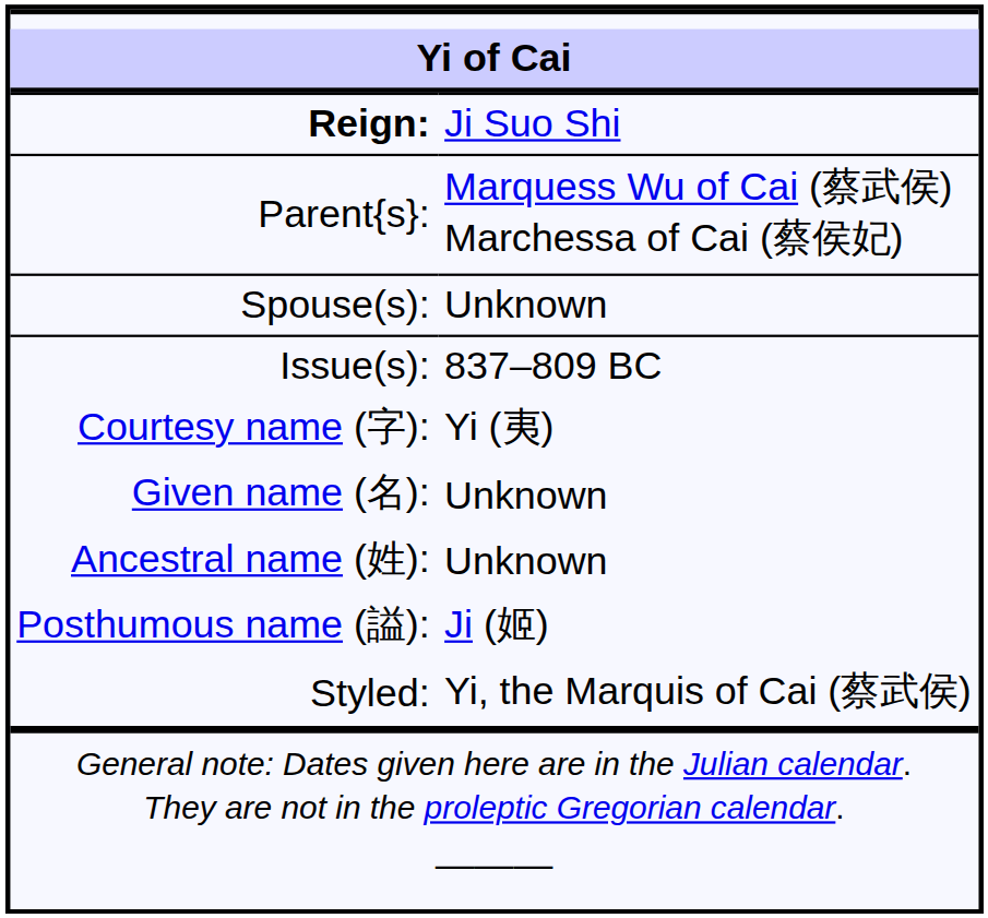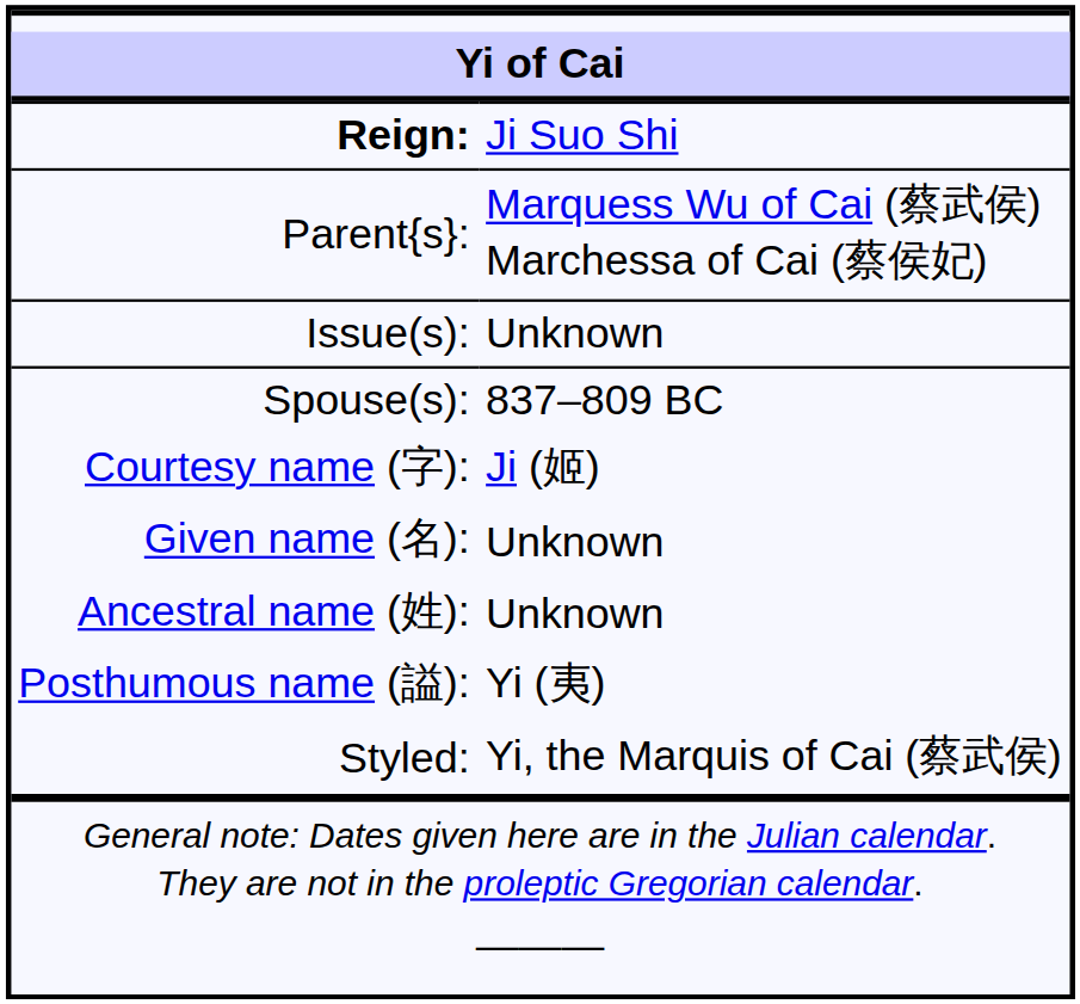 <table cellpadding=3px cellspacing=0px bgcolor=#f7f8ff style="float:right; border:2px solid; margin:5px">
 <tr>
 <td colspan=2 align=center style="border-top:2px solid"></td>
 </tr>
 <tr>
 <th align=center style="background:#ccf; border-bottom:2px solid" colspan=2>Yi of Cai</th>
 </tr>
 <tr>
 <td align=right style="border-top:1px solid"><strong>Reign:</strong></td>
 <td style="border-top:1px solid"><a href='#'>Ji Suo Shi</a></td>
 </tr>
 <tr>
 <td align=right style="border-top:1px solid">Parent{s}:</td>
 <td style="border-top:1px solid"><a href='#'>Marquess Wu of Cai</a> (蔡武侯) <br> Marchessa of Cai (蔡侯妃)</td>
 </tr>
 <tr>
-<td align=right style="border-top:1px solid">Spouse(s):</td>
+<td align=right style="border-top:1px solid">Issue(s):</td>
 <td style="border-top:1px solid">Unknown</td>
 </tr>
 <tr>
-<td align=right style="border-top:1px solid">Issue(s):</td>
+<td align=right style="border-top:1px solid">Spouse(s):</td>
 <td style="border-top:1px solid">837–809 BC</td>
 </tr>
 <tr>
 <td align="right"><a href='#'>Courtesy name</a> (字):</td>
-<td>Yi (夷)</td>
+<td><a href='#'>Ji</a> (姬)</td>
 </tr>
 <tr>
 <td align="right"><a href='#'>Given name</a> (名):</td>
 <td>Unknown</td>
 </tr>
 <tr>
 <td align="right"><a href='#'>Ancestral name</a> (姓):</td>
 <td>Unknown</td>
 </tr>
 <tr>
 <td align="right" nowrap="nowrap"><a href='#'>Posthumous name</a> (謚):</td>
-<td><a href='#'>Ji</a> (姬)</td>
+<td>Yi (夷)</td>
 </tr>
 <tr>
 <td align="right">Styled:</td>
 <td>Yi, the Marquis of Cai (蔡武侯)</td>
 </tr>
 <tr>
 <td colspan=2 align=center style="border-top:3px solid"><small><em>General note: Dates given here are in the <a href='#'>Julian calendar</a></em>.<br><em>They are not in the <a href='#'>proleptic Gregorian calendar</a></em>.</small></td>
 </tr>
 <tr>
 <td colspan=2 align=center>———</td>
 </tr>
 <tr>
 <td></td>
 </tr>
 <tr>
 </tr>
 </table>
